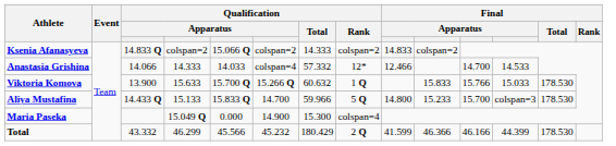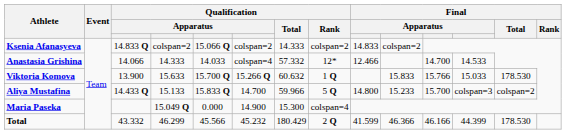 <table class="wikitable" style="font-size:90%">
 <tr>
 <th rowspan="3">Athlete</th>
 <th rowspan="3">Event</th>
 <th colspan=6>Qualification</th>
 <th colspan=6>Final</th>
 </tr>
 <tr style="font-size:95%">
 <th colspan=4>Apparatus</th>
 <th rowspan=2>Total</th>
 <th rowspan=2>Rank</th>
 <th colspan=4>Apparatus</th>
 <th rowspan=2>Total</th>
 <th rowspan=2>Rank</th>
 </tr>
 <tr style="font-size:95%">
 <th></th>
 <th></th>
 <th></th>
 <th></th>
 <th></th>
 <th></th>
 <th></th>
 <th></th>
 </tr>
 <tr align=center>
 <td align=left><strong><a href='#'>Ksenia Afanasyeva</a></strong></td>
 <td align=left rowspan=6><a href='#'>Team</a></td>
 <td>14.833 <strong>Q</strong></td>
 <td>colspan=2 </td>
 <td>15.066 <strong>Q</strong></td>
 <td>colspan=2 </td>
 <td>14.333</td>
 <td>colspan=2 </td>
 <td>14.833</td>
 <td>colspan=2 </td>
 </tr>
 <tr align=center>
 <td align=left><strong><a href='#'>Anastasia Grishina</a></strong></td>
 <td>14.066</td>
 <td>14.333</td>
 <td>14.033</td>
 <td>colspan=4 </td>
 <td>57.332</td>
 <td>12*</td>
 <td>12.466</td>
 <td></td>
 <td>14.700</td>
 <td>14.533</td>
 </tr>
 <tr align=center>
 <td align=left><strong><a href='#'>Viktoria Komova</a></strong></td>
 <td>13.900</td>
 <td>15.633</td>
 <td>15.700 <strong>Q</strong></td>
 <td>15.266 <strong>Q</strong></td>
 <td>60.632</td>
 <td>1 <strong>Q</strong></td>
 <td></td>
 <td>15.833</td>
 <td>15.766</td>
 <td>15.033</td>
 <td>178.530</td>
 </tr>
 <tr align=center>
 <td align=left><strong><a href='#'>Aliya Mustafina</a></strong></td>
 <td>14.433 <strong>Q</strong></td>
 <td>15.133</td>
 <td>15.833 <strong>Q</strong></td>
 <td>14.700</td>
 <td>59.966</td>
 <td>5 <strong>Q</strong></td>
 <td>14.800</td>
 <td>15.233</td>
 <td>15.700</td>
 <td>colspan=3 </td>
-<td>178.530</td>
+<td>colspan=2 </td>
 </tr>
 <tr align=center>
 <td align=left><strong><a href='#'>Maria Paseka</a></strong></td>
 <td></td>
 <td>15.049 <strong>Q</strong></td>
 <td>0.000</td>
 <td>14.900</td>
 <td>15.300</td>
 <td>colspan=4 </td>
 </tr>
 <tr align=center>
 <td align=left><strong>Total</strong></td>
 <td>43.332</td>
 <td>46.299</td>
 <td>45.566</td>
 <td>45.232</td>
 <td>180.429</td>
 <td>2 <strong>Q</strong></td>
 <td>41.599</td>
 <td>46.366</td>
 <td>46.166</td>
 <td>44.399</td>
 <td>178.530</td>
 <td></td>
 </tr>
 </table>
